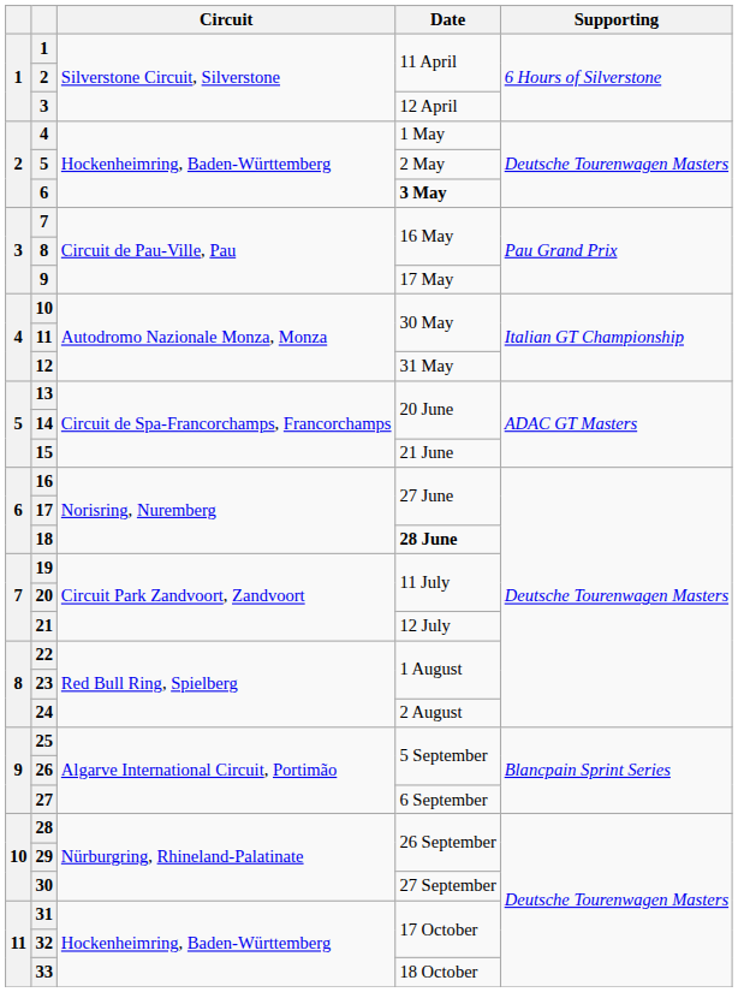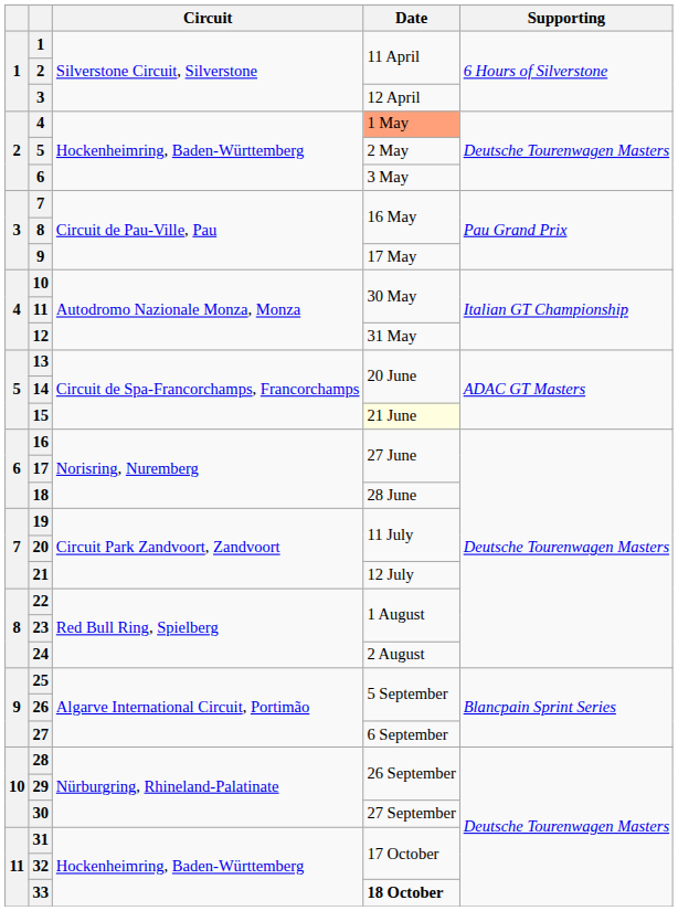 <table class="wikitable" style="font-size: 85%">
 <tr>
 <th></th>
 <th></th>
 <th>Circuit</th>
 <th>Date</th>
 <th>Supporting</th>
 </tr>
 <tr>
 <th rowspan=3>1</th>
 <th>1</th>
 <td rowspan=3> <a href='#'>Silverstone Circuit</a>, <a href='#'>Silverstone</a></td>
 <td rowspan=2>11 April</td>
 <td rowspan=3><em><a href='#'>6 Hours of Silverstone</a></em></td>
 </tr>
 <tr>
 <th>2</th>
 </tr>
 <tr>
 <th>3</th>
 <td>12 April</td>
 </tr>
 <tr>
 <th rowspan=3>2</th>
 <th>4</th>
 <td rowspan=3> <a href='#'>Hockenheimring</a>, <a href='#'>Baden-Württemberg</a></td>
-<td>1 May</td>
+<td style="background: lightsalmon;">1 May</td>
 <td rowspan=3><em><a href='#'>Deutsche Tourenwagen Masters</a></em></td>
 </tr>
 <tr>
 <th>5</th>
 <td>2 May</td>
 </tr>
 <tr>
 <th>6</th>
-<td><strong>3 May</strong></td>
+<td>3 May</td>
 </tr>
 <tr>
 <th rowspan=3>3</th>
 <th>7</th>
 <td rowspan=3> <a href='#'>Circuit de Pau-Ville</a>, <a href='#'>Pau</a></td>
 <td rowspan=2>16 May</td>
 <td rowspan=3><em><a href='#'>Pau Grand Prix</a></em></td>
 </tr>
 <tr>
 <th>8</th>
 </tr>
 <tr>
 <th>9</th>
 <td>17 May</td>
 </tr>
 <tr>
 <th rowspan=3>4</th>
 <th>10</th>
 <td rowspan=3> <a href='#'>Autodromo Nazionale Monza</a>, <a href='#'>Monza</a></td>
 <td rowspan=2>30 May</td>
 <td rowspan=3><em><a href='#'>Italian GT Championship</a></em></td>
 </tr>
 <tr>
 <th>11</th>
 </tr>
 <tr>
 <th>12</th>
 <td>31 May</td>
 </tr>
 <tr>
 <th rowspan=3>5</th>
 <th>13</th>
 <td rowspan=3> <a href='#'>Circuit de Spa-Francorchamps</a>, <a href='#'>Francorchamps</a></td>
 <td rowspan=2>20 June</td>
 <td rowspan=3><em><a href='#'>ADAC GT Masters</a></em></td>
 </tr>
 <tr>
 <th>14</th>
 </tr>
 <tr>
 <th>15</th>
-<td>21 June</td>
+<td style="background: lightyellow;">21 June</td>
 </tr>
 <tr>
 <th rowspan=3>6</th>
 <th>16</th>
 <td rowspan=3> <a href='#'>Norisring</a>, <a href='#'>Nuremberg</a></td>
 <td rowspan=2>27 June</td>
 <td rowspan=9><em><a href='#'>Deutsche Tourenwagen Masters</a></em></td>
 </tr>
 <tr>
 <th>17</th>
 </tr>
 <tr>
 <th>18</th>
-<td><strong>28 June</strong></td>
+<td>28 June</td>
 </tr>
 <tr>
 <th rowspan=3>7</th>
 <th>19</th>
 <td rowspan=3> <a href='#'>Circuit Park Zandvoort</a>, <a href='#'>Zandvoort</a></td>
 <td rowspan=2>11 July</td>
 </tr>
 <tr>
 <th>20</th>
 </tr>
 <tr>
 <th>21</th>
 <td>12 July</td>
 </tr>
 <tr>
 <th rowspan=3>8</th>
 <th>22</th>
 <td rowspan=3> <a href='#'>Red Bull Ring</a>, <a href='#'>Spielberg</a></td>
 <td rowspan=2>1 August</td>
 </tr>
 <tr>
 <th>23</th>
 </tr>
 <tr>
 <th>24</th>
 <td>2 August</td>
 </tr>
 <tr>
 <th rowspan=3>9</th>
 <th>25</th>
 <td rowspan=3> <a href='#'>Algarve International Circuit</a>, <a href='#'>Portimão</a></td>
 <td rowspan=2>5 September</td>
 <td rowspan=3><em><a href='#'>Blancpain Sprint Series</a></em></td>
 </tr>
 <tr>
 <th>26</th>
 </tr>
 <tr>
 <th>27</th>
 <td>6 September</td>
 </tr>
 <tr>
 <th rowspan=3>10</th>
 <th>28</th>
 <td rowspan=3> <a href='#'>Nürburgring</a>, <a href='#'>Rhineland-Palatinate</a></td>
 <td rowspan=2>26 September</td>
 <td rowspan=6><em><a href='#'>Deutsche Tourenwagen Masters</a></em></td>
 </tr>
 <tr>
 <th>29</th>
 </tr>
 <tr>
 <th>30</th>
 <td>27 September</td>
 </tr>
 <tr>
 <th rowspan=3>11</th>
 <th>31</th>
 <td rowspan=3> <a href='#'>Hockenheimring</a>, <a href='#'>Baden-Württemberg</a></td>
 <td rowspan=2>17 October</td>
 </tr>
 <tr>
 <th>32</th>
 </tr>
 <tr>
 <th>33</th>
-<td>18 October</td>
+<td><strong>18 October</strong></td>
 </tr>
 </table>
